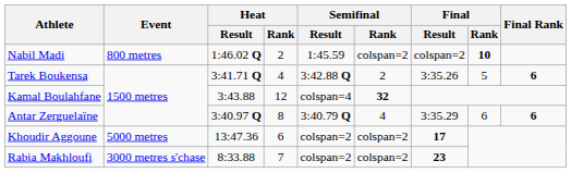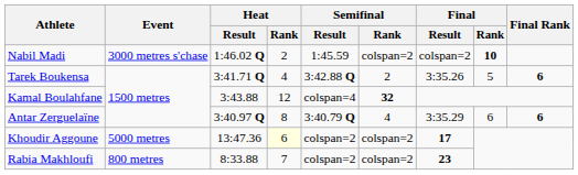 <table class="wikitable" style="font-size:90%">
 <tr>
 <th rowspan="2">Athlete</th>
 <th rowspan="2">Event</th>
 <th colspan="2">Heat</th>
 <th colspan="2">Semifinal</th>
 <th colspan="2">Final</th>
 <th colspan="2" rowspan="2">Final Rank</th>
 </tr>
 <tr style="font-size:95%">
 <th>Result</th>
 <th>Rank</th>
 <th>Result</th>
 <th>Rank</th>
 <th>Result</th>
 <th>Rank</th>
 </tr>
 <tr align=center>
 <td align=left><a href='#'>Nabil Madi</a></td>
-<td align=left><a href='#'>800 metres</a></td>
+<td align=left><a href='#'>3000 metres s'chase</a></td>
 <td>1:46.02 <strong>Q</strong></td>
 <td>2</td>
 <td>1:45.59</td>
 <td>colspan=2 </td>
 <td>colspan=2 </td>
 <td><strong>10</strong></td>
 </tr>
 <tr align=center>
 <td align=left><a href='#'>Tarek Boukensa</a></td>
 <td rowspan="3" align=left><a href='#'>1500 metres</a></td>
 <td>3:41.71 <strong>Q</strong></td>
 <td>4</td>
 <td>3:42.88 <strong>Q</strong></td>
 <td>2</td>
 <td>3:35.26</td>
 <td>5</td>
 <td><strong>6</strong></td>
 </tr>
 <tr align=center>
 <td align=left><a href='#'>Kamal Boulahfane</a></td>
 <td>3:43.88</td>
 <td>12</td>
 <td>colspan=4 </td>
 <td><strong>32</strong></td>
 </tr>
 <tr align=center>
 <td align=left><a href='#'>Antar Zerguelaïne</a></td>
 <td>3:40.97 <strong>Q</strong></td>
 <td>8</td>
 <td>3:40.79 <strong>Q</strong></td>
 <td>4</td>
 <td>3:35.29</td>
 <td>6</td>
 <td><strong>6</strong></td>
 </tr>
 <tr align=center>
 <td align=left><a href='#'>Khoudir Aggoune</a></td>
 <td align=left><a href='#'>5000 metres</a></td>
 <td>13:47.36</td>
-<td>6</td>
+<td style="background: lightyellow;">6</td>
 <td>colspan=2 </td>
 <td>colspan=2 </td>
 <td><strong>17</strong></td>
 </tr>
 <tr align=center>
 <td align=left><a href='#'>Rabia Makhloufi</a></td>
-<td align=left><a href='#'>3000 metres s'chase</a></td>
+<td align=left><a href='#'>800 metres</a></td>
 <td>8:33.88</td>
 <td>7</td>
 <td>colspan=2 </td>
 <td>colspan=2 </td>
 <td><strong>23</strong></td>
 </tr>
 </table>
